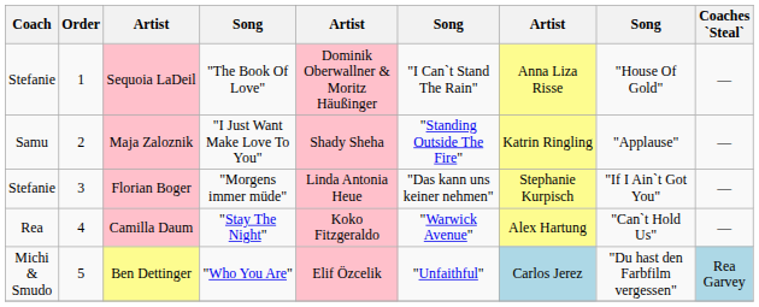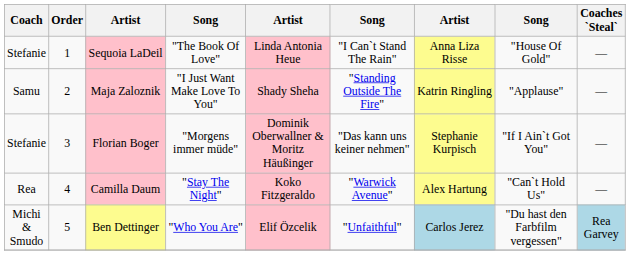 <table class="wikitable" style="text-align: center; width:95%;">
 <tr>
 <th width="5%">Coach</th>
 <th width="3%">Order</th>
 <th colspan=1 width="15">Artist</th>
 <th width="15%">Song</th>
 <th colspan=1 width="15">Artist</th>
 <th width="15%">Song</th>
 <th colspan=1 width="15">Artist</th>
 <th width="15%">Song</th>
 <th width="5%">Coaches `Steal`</th>
 </tr>
 <tr>
 <td>Stefanie</td>
 <td>1</td>
 <td width="15%" style="background:pink;">Sequoia LaDeil</td>
 <td>"The Book Of Love"</td>
-<td width="15%" style="background:pink;">Dominik Oberwallner & Moritz Häußinger</td>
+<td width="15%" style="background:pink;">Linda Antonia Heue</td>
 <td>"I Can`t Stand The Rain"</td>
 <td width="15%" style="background:#fdfc8f;">Anna Liza Risse</td>
 <td>"House Of Gold"</td>
 <td>—</td>
 </tr>
 <tr>
 <td>Samu</td>
 <td>2</td>
 <td width="15%" style="background:pink;">Maja Zaloznik</td>
 <td>"I Just Want Make Love To You"</td>
 <td width="15%" style="background:pink;">Shady Sheha</td>
 <td>"<a href='#'>Standing Outside The Fire</a>"</td>
 <td width="15%" style="background:#fdfc8f;">Katrin Ringling</td>
 <td>"Applause"</td>
 <td>—</td>
 </tr>
 <tr>
 <td>Stefanie</td>
 <td>3</td>
 <td width="15%" style="background:pink;">Florian Boger</td>
 <td>"Morgens immer müde"</td>
-<td width="15%" style="background:pink;">Linda Antonia Heue</td>
+<td width="15%" style="background:pink;">Dominik Oberwallner & Moritz Häußinger</td>
 <td>"Das kann uns keiner nehmen"</td>
 <td width="15%" style="background:#fdfc8f;">Stephanie Kurpisch</td>
 <td>"If I Ain`t Got You"</td>
 <td>—</td>
 </tr>
 <tr>
 <td>Rea</td>
 <td>4</td>
 <td width="15%" style="background:pink;">Camilla Daum</td>
 <td>"<a href='#'>Stay The Night</a>"</td>
 <td width="15%" style="background:pink;">Koko Fitzgeraldo</td>
 <td>"<a href='#'>Warwick Avenue</a>"</td>
 <td width="15%" style="background:#fdfc8f;">Alex Hartung</td>
 <td>"Can`t Hold Us"</td>
 <td>—</td>
 </tr>
 <tr>
 <td>Michi & Smudo</td>
 <td>5</td>
 <td width="15%" style="background:#fdfc8f;">Ben Dettinger</td>
 <td>"<a href='#'>Who You Are</a>"</td>
 <td width="15%" style="background:pink;">Elif Özcelik</td>
 <td>"<a href='#'>Unfaithful</a>"</td>
 <td width="15%" style="background:lightblue;">Carlos Jerez</td>
 <td>"Du hast den Farbfilm vergessen"</td>
 <td width="15%" style="background:lightblue;">Rea Garvey</td>
 </tr>
 <tr>
 </tr>
 </table>
